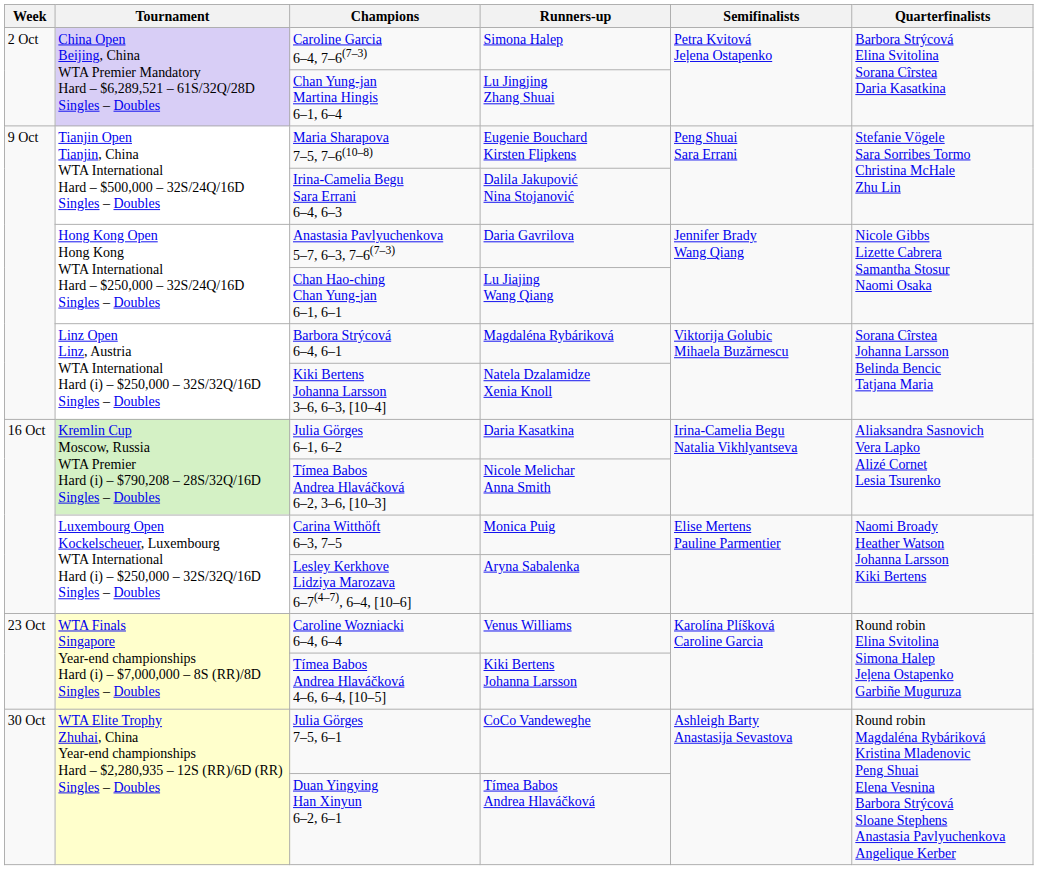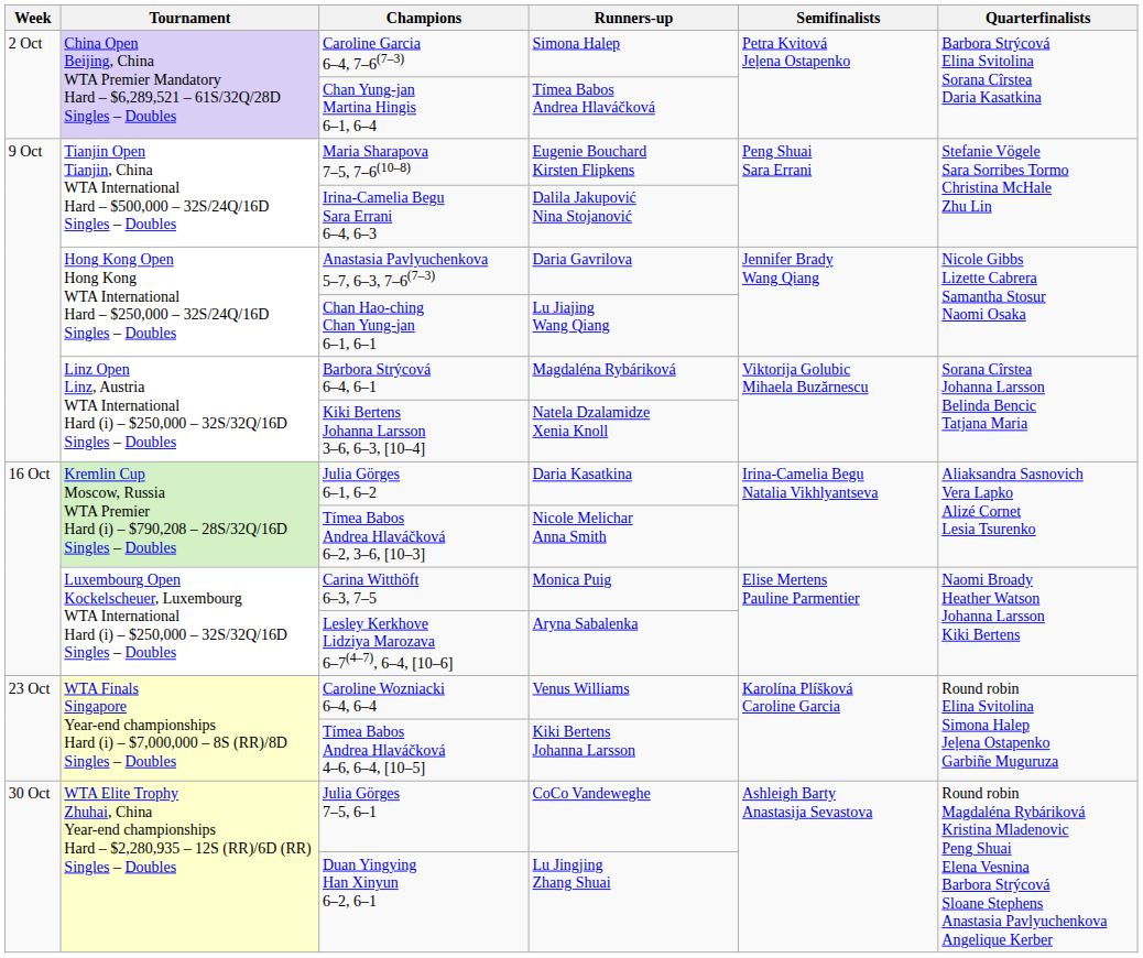 <table class=wikitable style=font-size:95%>
 <tr>
 <th style="width:48px;">Week</th>
 <th style="width:248px;">Tournament</th>
 <th style="width:200px;">Champions</th>
 <th style="width:200px;">Runners-up</th>
 <th style="width:190px;">Semifinalists</th>
 <th style="width:190px;">Quarterfinalists</th>
 </tr>
 <tr valign=top>
 <td rowspan=2>2 Oct</td>
 <td style="background:#d8cef6;" rowspan="2"><a href='#'>China Open</a><br> <a href='#'>Beijing</a>, China<br>WTA Premier Mandatory<br>Hard – $6,289,521 – 61S/32Q/28D<br><a href='#'>Singles</a> – <a href='#'>Doubles</a></td>
 <td> <a href='#'>Caroline Garcia</a> <br> 6–4, 7–6<sup>(7–3)</sup></td>
 <td> <a href='#'>Simona Halep</a></td>
 <td rowspan=2> <a href='#'>Petra Kvitová</a> <br>  <a href='#'>Jeļena Ostapenko</a></td>
 <td rowspan=2> <a href='#'>Barbora Strýcová</a> <br> <a href='#'>Elina Svitolina</a> <br>  <a href='#'>Sorana Cîrstea</a> <br>  <a href='#'>Daria Kasatkina</a></td>
 </tr>
 <tr valign=top>
 <td> <a href='#'>Chan Yung-jan</a> <br> <a href='#'>Martina Hingis</a> <br> 6–1, 6–4</td>
-<td> <a href='#'>Lu Jingjing</a> <br>  <a href='#'>Zhang Shuai</a></td>
+<td> <a href='#'>Tímea Babos</a> <br>  <a href='#'>Andrea Hlaváčková</a></td>
 </tr>
 <tr valign=top>
 <td rowspan=6>9 Oct</td>
 <td style="background:#fff;" rowspan="2"><a href='#'>Tianjin Open</a><br>  <a href='#'>Tianjin</a>, China<br>WTA International<br>Hard – $500,000 – 32S/24Q/16D<br><a href='#'>Singles</a> – <a href='#'>Doubles</a></td>
 <td> <a href='#'>Maria Sharapova</a> <br> 7–5, 7–6<sup>(10–8)</sup></td>
 <td> <a href='#'>Eugenie Bouchard</a> <br>  <a href='#'>Kirsten Flipkens</a></td>
 <td rowspan=2> <a href='#'>Peng Shuai</a> <br>  <a href='#'>Sara Errani</a></td>
 <td rowspan=2> <a href='#'>Stefanie Vögele</a><br> <a href='#'>Sara Sorribes Tormo</a> <br> <a href='#'>Christina McHale</a><br>  <a href='#'>Zhu Lin</a></td>
 </tr>
 <tr valign=top>
 <td> <a href='#'>Irina-Camelia Begu</a> <br> <a href='#'>Sara Errani</a> <br> 6–4, 6–3</td>
 <td> <a href='#'>Dalila Jakupović</a> <br>  <a href='#'>Nina Stojanović</a></td>
 </tr>
 <tr valign=top>
 <td style="background:#fff;" rowspan="2"><a href='#'>Hong Kong Open</a><br> Hong Kong<br>WTA International<br>Hard – $250,000 – 32S/24Q/16D<br><a href='#'>Singles</a> – <a href='#'>Doubles</a></td>
 <td> <a href='#'>Anastasia Pavlyuchenkova</a> <br> 5–7, 6–3, 7–6<sup>(7–3)</sup></td>
 <td> <a href='#'>Daria Gavrilova</a></td>
 <td rowspan=2> <a href='#'>Jennifer Brady</a> <br>  <a href='#'>Wang Qiang</a></td>
 <td rowspan=2> <a href='#'>Nicole Gibbs</a> <br> <a href='#'>Lizette Cabrera</a> <br> <a href='#'>Samantha Stosur</a> <br>  <a href='#'>Naomi Osaka</a></td>
 </tr>
 <tr valign=top>
 <td> <a href='#'>Chan Hao-ching</a> <br> <a href='#'>Chan Yung-jan</a> <br> 6–1, 6–1</td>
 <td> <a href='#'>Lu Jiajing</a> <br>  <a href='#'>Wang Qiang</a></td>
 </tr>
 <tr valign=top>
 <td style="background:#fff;" rowspan="2"><a href='#'>Linz Open</a><br> <a href='#'>Linz</a>, Austria<br>WTA International<br>Hard (i) – $250,000 – 32S/32Q/16D<br><a href='#'>Singles</a> – <a href='#'>Doubles</a></td>
 <td> <a href='#'>Barbora Strýcová</a> <br> 6–4, 6–1</td>
 <td> <a href='#'>Magdaléna Rybáriková</a></td>
 <td rowspan=2> <a href='#'>Viktorija Golubic</a> <br> <a href='#'>Mihaela Buzărnescu</a></td>
 <td rowspan=2> <a href='#'>Sorana Cîrstea</a> <br> <a href='#'>Johanna Larsson</a> <br> <a href='#'>Belinda Bencic</a> <br>  <a href='#'>Tatjana Maria</a></td>
 </tr>
 <tr valign=top>
 <td> <a href='#'>Kiki Bertens</a> <br> <a href='#'>Johanna Larsson</a> <br> 3–6, 6–3, [10–4]</td>
 <td> <a href='#'>Natela Dzalamidze</a> <br>  <a href='#'>Xenia Knoll</a></td>
 </tr>
 <tr valign=top>
 <td rowspan=4>16 Oct</td>
 <td style="background:#D4F1C5;" rowspan="2"><a href='#'>Kremlin Cup</a><br>  Moscow, Russia<br>WTA Premier<br>Hard (i) – $790,208 – 28S/32Q/16D<br><a href='#'>Singles</a> – <a href='#'>Doubles</a></td>
 <td> <a href='#'>Julia Görges</a><br> 6–1, 6–2</td>
 <td> <a href='#'>Daria Kasatkina</a></td>
 <td rowspan=2> <a href='#'>Irina-Camelia Begu</a> <br>  <a href='#'>Natalia Vikhlyantseva</a></td>
 <td rowspan=2> <a href='#'>Aliaksandra Sasnovich</a> <br> <a href='#'>Vera Lapko</a><br> <a href='#'>Alizé Cornet</a> <br>  <a href='#'>Lesia Tsurenko</a></td>
 </tr>
 <tr valign=top>
 <td> <a href='#'>Tímea Babos</a> <br>  <a href='#'>Andrea Hlaváčková</a> <br> 6–2, 3–6, [10–3]</td>
 <td> <a href='#'>Nicole Melichar</a> <br>  <a href='#'>Anna Smith</a></td>
 </tr>
 <tr valign=top>
 <td style="background:#fff;" rowspan="2"><a href='#'>Luxembourg Open</a><br> <a href='#'>Kockelscheuer</a>, Luxembourg<br>WTA International<br>Hard (i) – $250,000 – 32S/32Q/16D<br><a href='#'>Singles</a> – <a href='#'>Doubles</a></td>
 <td> <a href='#'>Carina Witthöft</a><br> 6–3, 7–5</td>
 <td> <a href='#'>Monica Puig</a></td>
 <td rowspan=2> <a href='#'>Elise Mertens</a> <br>  <a href='#'>Pauline Parmentier</a></td>
 <td rowspan=2> <a href='#'>Naomi Broady</a> <br> <a href='#'>Heather Watson</a> <br> <a href='#'>Johanna Larsson</a><br>  <a href='#'>Kiki Bertens</a></td>
 </tr>
 <tr valign=top>
 <td> <a href='#'>Lesley Kerkhove</a> <br>  <a href='#'>Lidziya Marozava</a> <br> 6–7<sup>(4–7)</sup>, 6–4, [10–6]</td>
 <td> <a href='#'>Aryna Sabalenka</a></td>
 </tr>
 <tr valign=top>
 <td rowspan=2>23 Oct</td>
 <td style="background:#ffc;" rowspan="2"><a href='#'>WTA Finals</a><br> <a href='#'>Singapore</a><br>Year-end championships<br>Hard (i) – $7,000,000 – 8S (RR)/8D<br><a href='#'>Singles</a> – <a href='#'>Doubles</a></td>
 <td> <a href='#'>Caroline Wozniacki</a><br> 6–4, 6–4</td>
 <td> <a href='#'>Venus Williams</a></td>
 <td rowspan="2"> <a href='#'>Karolína Plíšková</a> <br>  <a href='#'>Caroline Garcia</a></td>
 <td rowspan="2">Round robin <br>  <a href='#'>Elina Svitolina</a> <br>  <a href='#'>Simona Halep</a> <br>  <a href='#'>Jeļena Ostapenko</a> <br>  <a href='#'>Garbiñe Muguruza</a></td>
 </tr>
 <tr valign=top>
 <td> <a href='#'>Tímea Babos</a> <br>  <a href='#'>Andrea Hlaváčková</a> <br> 4–6, 6–4, [10–5]</td>
 <td> <a href='#'>Kiki Bertens</a> <br>  <a href='#'>Johanna Larsson</a></td>
 </tr>
 <tr valign=top>
 <td rowspan="2">30 Oct</td>
 <td style="background:#ffc;" rowspan="2"><a href='#'>WTA Elite Trophy</a><br> <a href='#'>Zhuhai</a>, China<br>Year-end championships<br>Hard – $2,280,935 – 12S (RR)/6D (RR)<br><a href='#'>Singles</a> – <a href='#'>Doubles</a></td>
 <td> <a href='#'>Julia Görges</a><br> 7–5, 6–1</td>
 <td> <a href='#'>CoCo Vandeweghe</a></td>
 <td rowspan="2"> <a href='#'>Ashleigh Barty</a> <br>  <a href='#'>Anastasija Sevastova</a></td>
 <td rowspan="2">Round robin <br>  <a href='#'>Magdaléna Rybáriková</a> <br>  <a href='#'>Kristina Mladenovic</a> <br>  <a href='#'>Peng Shuai</a> <br>  <a href='#'>Elena Vesnina</a> <br>  <a href='#'>Barbora Strýcová</a> <br>  <a href='#'>Sloane Stephens</a> <br>  <a href='#'>Anastasia Pavlyuchenkova</a> <br>  <a href='#'>Angelique Kerber</a></td>
 </tr>
 <tr valign=top>
 <td>  <a href='#'>Duan Yingying</a> <br>  <a href='#'>Han Xinyun</a> <br> 6–2, 6–1</td>
-<td> <a href='#'>Tímea Babos</a> <br>  <a href='#'>Andrea Hlaváčková</a></td>
+<td> <a href='#'>Lu Jingjing</a> <br>  <a href='#'>Zhang Shuai</a></td>
 </tr>
 </table>
